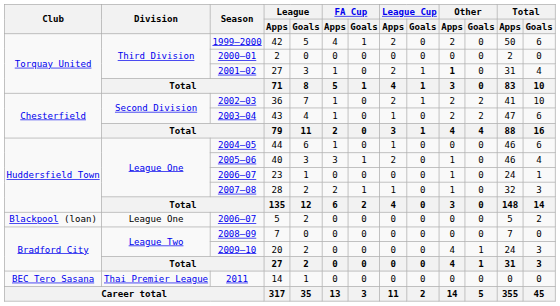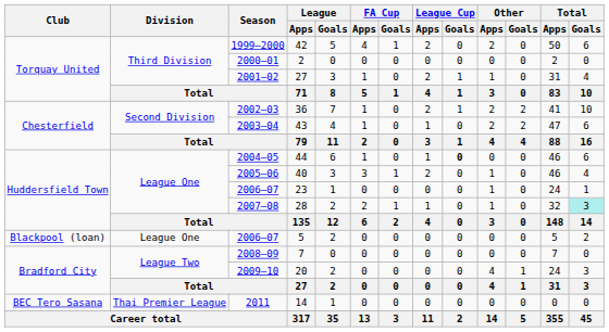 <table class="wikitable" style="text-align: center">
 <tr>
 <th rowspan="2">Club</th>
 <th rowspan="2">Division</th>
 <th rowspan="2">Season</th>
 <th colspan="2">League</th>
 <th colspan="2"><a href='#'>FA Cup</a></th>
 <th colspan="2"><a href='#'>League Cup</a></th>
 <th colspan="2">Other</th>
 <th colspan="2">Total</th>
 </tr>
 <tr>
 <th>Apps</th>
 <th>Goals</th>
 <th>Apps</th>
 <th>Goals</th>
 <th>Apps</th>
 <th>Goals</th>
 <th>Apps</th>
 <th>Goals</th>
 <th>Apps</th>
 <th>Goals</th>
 </tr>
 <tr>
 <td rowspan="4"><a href='#'>Torquay United</a></td>
 <td rowspan="3"><a href='#'>Third Division</a></td>
 <td><a href='#'>1999–2000</a></td>
 <td>42</td>
 <td>5</td>
 <td>4</td>
 <td>1</td>
 <td>2</td>
 <td>0</td>
 <td>2</td>
 <td>0</td>
 <td>50</td>
 <td>6</td>
 </tr>
 <tr>
 <td><a href='#'>2000–01</a></td>
 <td>2</td>
 <td>0</td>
 <td>0</td>
 <td>0</td>
 <td>0</td>
 <td>0</td>
 <td>0</td>
 <td>0</td>
 <td>2</td>
 <td>0</td>
 </tr>
 <tr>
 <td><a href='#'>2001–02</a></td>
 <td>27</td>
 <td>3</td>
 <td>1</td>
 <td>0</td>
 <td>2</td>
 <td>1</td>
-<td><strong>1</strong></td>
+<td>1</td>
 <td>0</td>
 <td>31</td>
 <td>4</td>
 </tr>
 <tr>
 <th colspan="2">Total</th>
 <th>71</th>
 <th>8</th>
 <th>5</th>
 <th>1</th>
 <th>4</th>
 <th>1</th>
 <th>3</th>
 <th>0</th>
 <th>83</th>
 <th>10</th>
 </tr>
 <tr>
 <td rowspan="3"><a href='#'>Chesterfield</a></td>
 <td rowspan="2"><a href='#'>Second Division</a></td>
 <td><a href='#'>2002–03</a></td>
 <td>36</td>
 <td>7</td>
 <td>1</td>
 <td>0</td>
 <td>2</td>
 <td>1</td>
 <td>2</td>
 <td>2</td>
 <td>41</td>
 <td>10</td>
 </tr>
 <tr>
 <td><a href='#'>2003–04</a></td>
 <td>43</td>
 <td>4</td>
 <td>1</td>
 <td>0</td>
 <td>1</td>
 <td>0</td>
 <td>2</td>
 <td>2</td>
 <td>47</td>
 <td>6</td>
 </tr>
 <tr>
 <th colspan="2">Total</th>
 <th>79</th>
 <th>11</th>
 <th>2</th>
 <th>0</th>
 <th>3</th>
 <th>1</th>
 <th>4</th>
 <th>4</th>
 <th>88</th>
 <th>16</th>
 </tr>
 <tr>
 <td rowspan="5"><a href='#'>Huddersfield Town</a></td>
 <td rowspan="4"><a href='#'>League One</a></td>
 <td><a href='#'>2004–05</a></td>
 <td>44</td>
 <td>6</td>
 <td>1</td>
 <td>0</td>
 <td>1</td>
-<td>0</td>
+<td><strong>0</strong></td>
 <td>0</td>
 <td>0</td>
 <td>46</td>
 <td>6</td>
 </tr>
 <tr>
 <td><a href='#'>2005–06</a></td>
 <td>40</td>
 <td>3</td>
 <td>3</td>
 <td>1</td>
 <td>2</td>
 <td>0</td>
 <td>1</td>
 <td>0</td>
 <td>46</td>
 <td>4</td>
 </tr>
 <tr>
 <td><a href='#'>2006–07</a></td>
 <td>23</td>
 <td>1</td>
 <td>0</td>
 <td>0</td>
 <td>0</td>
 <td>0</td>
 <td>1</td>
 <td>0</td>
 <td>24</td>
 <td>1</td>
 </tr>
 <tr>
 <td><a href='#'>2007–08</a></td>
 <td>28</td>
 <td>2</td>
 <td>2</td>
 <td>1</td>
 <td>1</td>
 <td>0</td>
 <td>1</td>
 <td>0</td>
 <td>32</td>
-<td>3</td>
+<td style="background: paleturquoise;">3</td>
 </tr>
 <tr>
 <th colspan="2">Total</th>
 <th>135</th>
 <th>12</th>
 <th>6</th>
 <th>2</th>
 <th>4</th>
 <th>0</th>
 <th>3</th>
 <th>0</th>
 <th>148</th>
 <th>14</th>
 </tr>
 <tr>
 <td><a href='#'>Blackpool</a> (loan)</td>
 <td>League One</td>
 <td><a href='#'>2006–07</a></td>
 <td>5</td>
 <td>2</td>
 <td>0</td>
 <td>0</td>
 <td>0</td>
 <td>0</td>
 <td>0</td>
 <td>0</td>
 <td>5</td>
 <td>2</td>
 </tr>
 <tr>
 <td rowspan="3"><a href='#'>Bradford City</a></td>
 <td rowspan="2"><a href='#'>League Two</a></td>
 <td><a href='#'>2008–09</a></td>
 <td>7</td>
 <td>0</td>
 <td>0</td>
 <td>0</td>
 <td>0</td>
 <td>0</td>
 <td>0</td>
 <td>0</td>
 <td>7</td>
 <td>0</td>
 </tr>
 <tr>
 <td><a href='#'>2009–10</a></td>
 <td>20</td>
 <td>2</td>
 <td>0</td>
 <td>0</td>
 <td>0</td>
 <td>0</td>
 <td>4</td>
 <td>1</td>
 <td>24</td>
 <td>3</td>
 </tr>
 <tr>
 <th colspan="2">Total</th>
 <th>27</th>
 <th>2</th>
 <th>0</th>
 <th>0</th>
 <th>0</th>
 <th>0</th>
 <th>4</th>
 <th>1</th>
 <th>31</th>
 <th>3</th>
 </tr>
 <tr>
 <td><a href='#'>BEC Tero Sasana</a></td>
 <td><a href='#'>Thai Premier League</a></td>
 <td><a href='#'>2011</a></td>
 <td>14</td>
 <td>1</td>
 <td>0</td>
 <td>0</td>
 <td>0</td>
 <td>0</td>
 <td>0</td>
 <td>0</td>
 <td>0</td>
 <td>0</td>
 </tr>
 <tr>
 <th colspan="3">Career total</th>
 <th>317</th>
 <th>35</th>
 <th>13</th>
 <th>3</th>
 <th>11</th>
 <th>2</th>
 <th>14</th>
 <th>5</th>
 <th>355</th>
 <th>45</th>
 </tr>
 </table>
